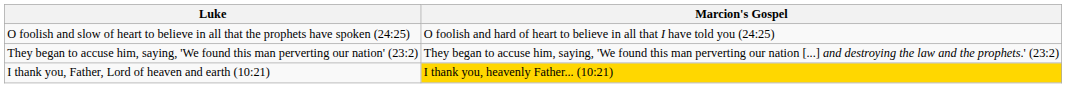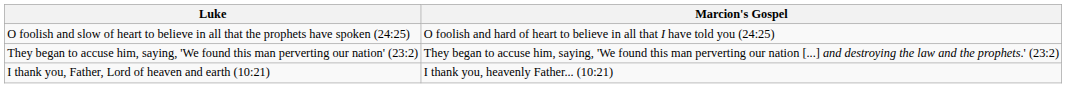 <table class="wikitable">
 <tr>
 <th scope="col">Luke</th>
 <th scope="col">Marcion's Gospel</th>
 </tr>
 <tr ---->
 <td>O foolish and slow of heart to believe in all that the prophets have spoken (24:25)</td>
 <td>O foolish and hard of heart to believe in all that <em>I</em> have told you (24:25)</td>
 </tr>
 <tr ---->
 <td>They began to accuse him, saying, 'We found this man perverting our nation' (23:2)</td>
 <td>They began to accuse him, saying, 'We found this man perverting our nation [...] <em>and destroying the law and the prophets</em>.' (23:2)</td>
 </tr>
 <tr ---->
 <td>I thank you, Father, Lord of heaven and earth (10:21)</td>
-<td style="background: gold;">I thank you, heavenly Father... (10:21)</td>
+<td>I thank you, heavenly Father... (10:21)</td>
 </tr>
 </table>
